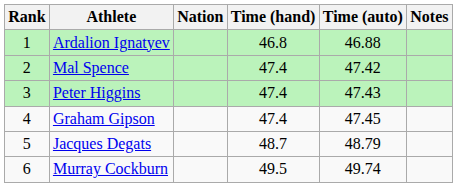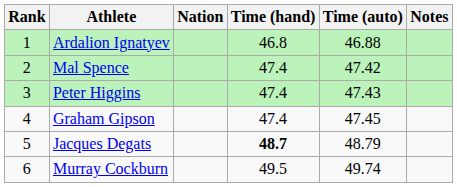 <table class="wikitable sortable" style="text-align:center">
 <tr>
 <th>Rank</th>
 <th>Athlete</th>
 <th>Nation</th>
 <th>Time (hand)</th>
 <th>Time (auto)</th>
 <th>Notes</th>
 </tr>
 <tr bgcolor=bbf3bb>
 <td>1</td>
 <td align=left><a href='#'>Ardalion Ignatyev</a></td>
 <td align=left></td>
 <td>46.8</td>
 <td>46.88</td>
 <td></td>
 </tr>
 <tr bgcolor=bbf3bb>
 <td>2</td>
 <td align=left><a href='#'>Mal Spence</a></td>
 <td align=left></td>
 <td>47.4</td>
 <td>47.42</td>
 <td></td>
 </tr>
 <tr bgcolor=bbf3bb>
 <td>3</td>
 <td align=left><a href='#'>Peter Higgins</a></td>
 <td align=left></td>
 <td>47.4</td>
 <td>47.43</td>
 <td></td>
 </tr>
 <tr>
 <td>4</td>
 <td align=left><a href='#'>Graham Gipson</a></td>
 <td align=left></td>
 <td>47.4</td>
 <td>47.45</td>
 <td></td>
 </tr>
 <tr>
 <td>5</td>
 <td align=left><a href='#'>Jacques Degats</a></td>
 <td align=left></td>
-<td>48.7</td>
+<td><strong>48.7</strong></td>
 <td>48.79</td>
 <td></td>
 </tr>
 <tr>
 <td>6</td>
 <td align=left><a href='#'>Murray Cockburn</a></td>
 <td align=left></td>
 <td>49.5</td>
 <td>49.74</td>
 <td></td>
 </tr>
 <tr>
 </tr>
 </table>
